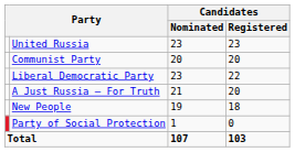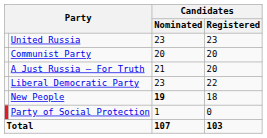 <table class="wikitable sortable" style="background: #f9f9f9; text-align:left; font-size: 95%">
 <tr>
 <th align=center rowspan=2 colspan=2>Party</th>
 <th align=center colspan=2>Candidates</th>
 </tr>
 <tr>
 <th align=center>Nominated</th>
 <th align=center>Registered</th>
 </tr>
 <tr>
 <td></td>
 <td><a href='#'>United Russia</a></td>
 <td>23</td>
 <td>23</td>
 </tr>
 <tr>
 <td></td>
 <td><a href='#'>Communist Party</a></td>
 <td>20</td>
 <td>20</td>
 </tr>
 <tr>
 <td></td>
+<td><a href='#'>A Just Russia — For Truth</a></td>
+<td>21</td>
+<td>20</td>
+</tr>
+<tr>
+<td></td>
 <td><a href='#'>Liberal Democratic Party</a></td>
 <td>23</td>
 <td>22</td>
 </tr>
 <tr>
 <td></td>
-<td><a href='#'>A Just Russia — For Truth</a></td>
-<td>21</td>
-<td>20</td>
-</tr>
-<tr>
-<td></td>
 <td><a href='#'>New People</a></td>
-<td>19</td>
+<td><strong>19</strong></td>
 <td>18</td>
 </tr>
 <tr>
 <td bgcolor="#E11B2A"></td>
 <td><a href='#'>Party of Social Protection</a></td>
 <td>1</td>
 <td>0</td>
 </tr>
 <tr>
 <td colspan=2><strong>Total</strong></td>
 <td><strong>107</strong></td>
 <td><strong>103</strong></td>
 </tr>
 </table>
